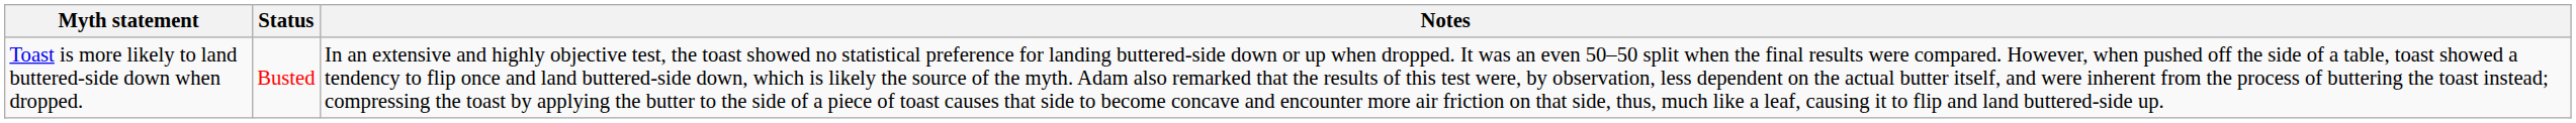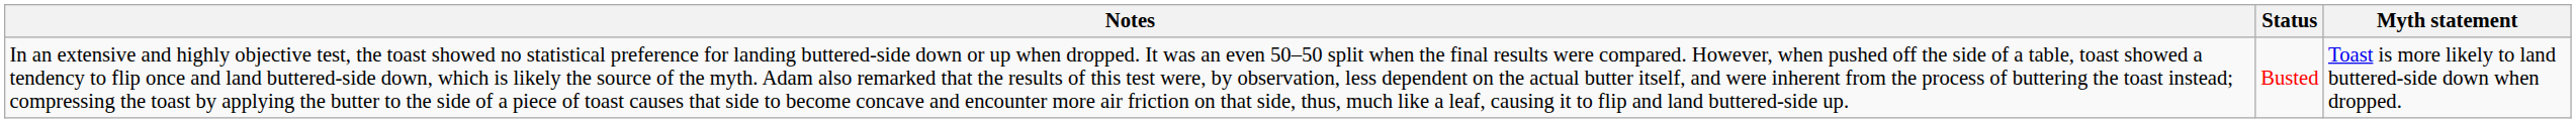 <table class="wikitable plainrowheaders">
 <tr>
+<th>Notes</th>
+<th>Status</th>
 <th>Myth statement</th>
-<th>Status</th>
-<th>Notes</th>
 </tr>
 <tr>
+<td>In an extensive and highly objective test, the toast showed no statistical preference for landing buttered-side down or up when dropped. It was an even 50–50 split when the final results were compared. However, when pushed off the side of a table, toast showed a tendency to flip once and land buttered-side down, which is likely the source of the myth. Adam also remarked that the results of this test were, by observation, less dependent on the actual butter itself, and were inherent from the process of buttering the toast instead; compressing the toast by applying the butter to the side of a piece of toast causes that side to become concave and encounter more air friction on that side, thus, much like a leaf, causing it to flip and land buttered-side up.</td>
+<td style="color:red">Busted</td>
 <td><a href='#'>Toast</a> is more likely to land buttered-side down when dropped.</td>
-<td style="color:red">Busted</td>
-<td>In an extensive and highly objective test, the toast showed no statistical preference for landing buttered-side down or up when dropped. It was an even 50–50 split when the final results were compared. However, when pushed off the side of a table, toast showed a tendency to flip once and land buttered-side down, which is likely the source of the myth. Adam also remarked that the results of this test were, by observation, less dependent on the actual butter itself, and were inherent from the process of buttering the toast instead; compressing the toast by applying the butter to the side of a piece of toast causes that side to become concave and encounter more air friction on that side, thus, much like a leaf, causing it to flip and land buttered-side up.</td>
 </tr>
 </table>
